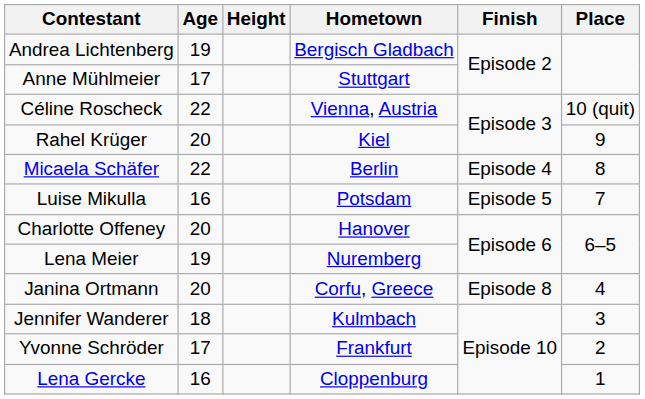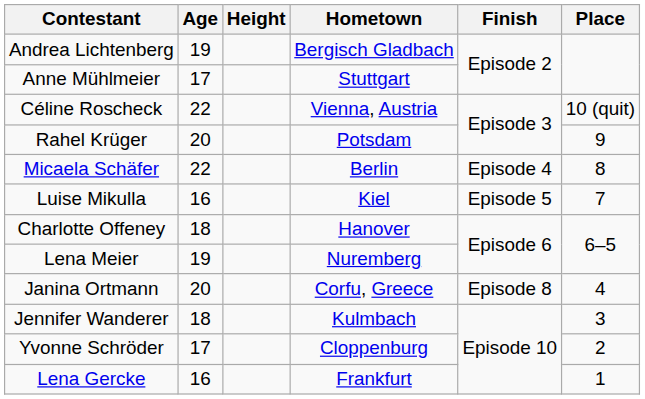 <table class="wikitable sortable" style="text-align:center;">
 <tr>
 <th>Contestant</th>
 <th>Age</th>
 <th>Height</th>
 <th>Hometown</th>
 <th>Finish</th>
 <th>Place</th>
 </tr>
 <tr>
 <td nowrap>Andrea Lichtenberg</td>
 <td>19</td>
 <td></td>
 <td nowrap><a href='#'>Bergisch Gladbach</a></td>
 <td rowspan="2">Episode 2</td>
 <td rowspan="2"></td>
 </tr>
 <tr>
 <td>Anne Mühlmeier</td>
 <td>17</td>
 <td></td>
 <td><a href='#'>Stuttgart</a></td>
 </tr>
 <tr>
 <td>Céline Roscheck</td>
 <td>22</td>
 <td></td>
 <td><a href='#'>Vienna</a>, <a href='#'>Austria</a></td>
 <td rowspan="2">Episode 3</td>
 <td>10 (quit)</td>
 </tr>
 <tr>
 <td>Rahel Krüger</td>
 <td>20</td>
 <td></td>
-<td><a href='#'>Kiel</a></td>
+<td><a href='#'>Potsdam</a></td>
 <td>9</td>
 </tr>
 <tr>
 <td><a href='#'>Micaela Schäfer</a></td>
 <td>22</td>
 <td></td>
 <td><a href='#'>Berlin</a></td>
 <td nowrap>Episode 4</td>
 <td>8</td>
 </tr>
 <tr>
 <td>Luise Mikulla</td>
 <td>16</td>
 <td></td>
-<td><a href='#'>Potsdam</a></td>
+<td><a href='#'>Kiel</a></td>
 <td>Episode 5</td>
 <td>7</td>
 </tr>
 <tr>
 <td>Charlotte Offeney</td>
-<td>20</td>
+<td>18</td>
 <td></td>
 <td><a href='#'>Hanover</a></td>
 <td rowspan="2">Episode 6</td>
 <td rowspan="2">6–5</td>
 </tr>
 <tr>
 <td>Lena Meier</td>
 <td>19</td>
 <td></td>
 <td><a href='#'>Nuremberg</a></td>
 </tr>
 <tr>
 <td>Janina Ortmann</td>
 <td>20</td>
 <td></td>
 <td><a href='#'>Corfu</a>, <a href='#'>Greece</a></td>
 <td>Episode 8</td>
 <td>4</td>
 </tr>
 <tr>
 <td>Jennifer Wanderer</td>
 <td>18</td>
 <td></td>
 <td><a href='#'>Kulmbach</a></td>
 <td rowspan="3">Episode 10</td>
 <td>3</td>
 </tr>
 <tr>
 <td>Yvonne Schröder</td>
 <td>17</td>
 <td></td>
-<td><a href='#'>Frankfurt</a></td>
+<td><a href='#'>Cloppenburg</a></td>
 <td>2</td>
 </tr>
 <tr>
 <td><a href='#'>Lena Gercke</a></td>
 <td>16</td>
 <td></td>
-<td><a href='#'>Cloppenburg</a></td>
+<td><a href='#'>Frankfurt</a></td>
 <td>1</td>
 </tr>
 </table>
